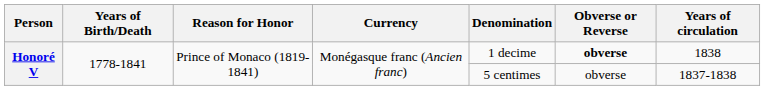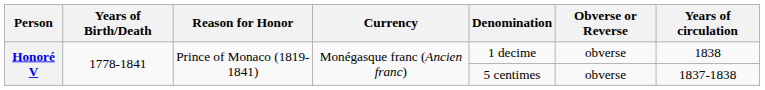 <table class="wikitable" style="font-size:95%; text-align:center;">
 <tr>
 <th>Person</th>
 <th>Years of Birth/Death</th>
 <th>Reason for Honor</th>
 <th>Currency</th>
 <th>Denomination</th>
 <th>Obverse or Reverse</th>
 <th>Years of circulation</th>
 </tr>
 <tr>
 <th rowspan="2"><a href='#'>Honoré V</a></th>
 <td rowspan="2">1778-1841</td>
 <td rowspan="2">Prince of Monaco (1819-1841)</td>
 <td rowspan="2">Monégasque franc (<em>Ancien franc</em>)</td>
 <td>1 decime</td>
-<td><strong>obverse</strong></td>
+<td>obverse</td>
 <td>1838</td>
 </tr>
 <tr>
 <td>5 centimes</td>
 <td>obverse</td>
 <td>1837-1838</td>
 </tr>
 </table>
